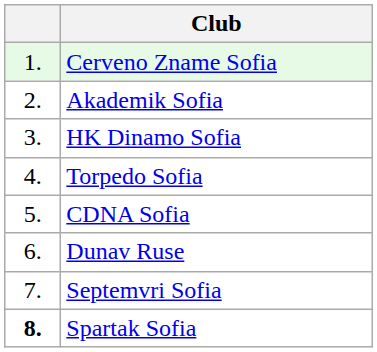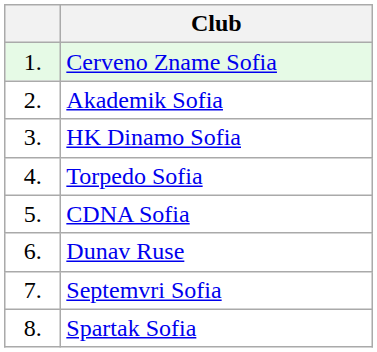 <table class="wikitable">
 <tr>
 <th width="30"></th>
 <th width="200">Club</th>
 </tr>
 <tr bgcolor="#e6fae6" align="center">
 <td>1.</td>
 <td align="left"><a href='#'>Cerveno Zname Sofia</a></td>
 </tr>
 <tr bgcolor="#FFFFFF" align="center">
 <td>2.</td>
 <td align="left"><a href='#'>Akademik Sofia</a></td>
 </tr>
 <tr bgcolor="#FFFFFF" align="center">
 <td>3.</td>
 <td align="left"><a href='#'>HK Dinamo Sofia</a></td>
 </tr>
 <tr bgcolor="#FFFFFF" align="center">
 <td>4.</td>
 <td align="left"><a href='#'>Torpedo Sofia</a></td>
 </tr>
 <tr bgcolor="#FFFFFF" align="center">
 <td>5.</td>
 <td align="left"><a href='#'>CDNA Sofia</a></td>
 </tr>
 <tr bgcolor="#FFFFFF" align="center">
 <td>6.</td>
 <td align="left"><a href='#'>Dunav Ruse</a></td>
 </tr>
 <tr bgcolor="#FFFFFF" align="center">
 <td>7.</td>
 <td align="left"><a href='#'>Septemvri Sofia</a></td>
 </tr>
 <tr bgcolor="#FFFFFF" align="center">
-<td><strong>8.</strong></td>
+<td>8.</td>
 <td align="left"><a href='#'>Spartak Sofia</a></td>
 </tr>
 </table>
